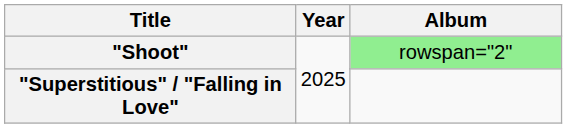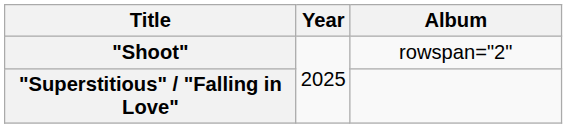 <table class="wikitable plainrowheaders" style="text-align:center;">
 <tr>
 <th scope="col" style="width:14em;">Title</th>
 <th scope="col">Year</th>
 <th scope="col" style="width:10em;">Album</th>
 </tr>
 <tr>
 <th scope="row">"Shoot"</th>
 <td rowspan="2">2025</td>
-<td style="background: lightgreen;">rowspan="2" </td>
+<td>rowspan="2" </td>
 </tr>
 <tr>
 <th scope="row">"Superstitious" / "Falling in Love"</th>
 </tr>
 </table>
